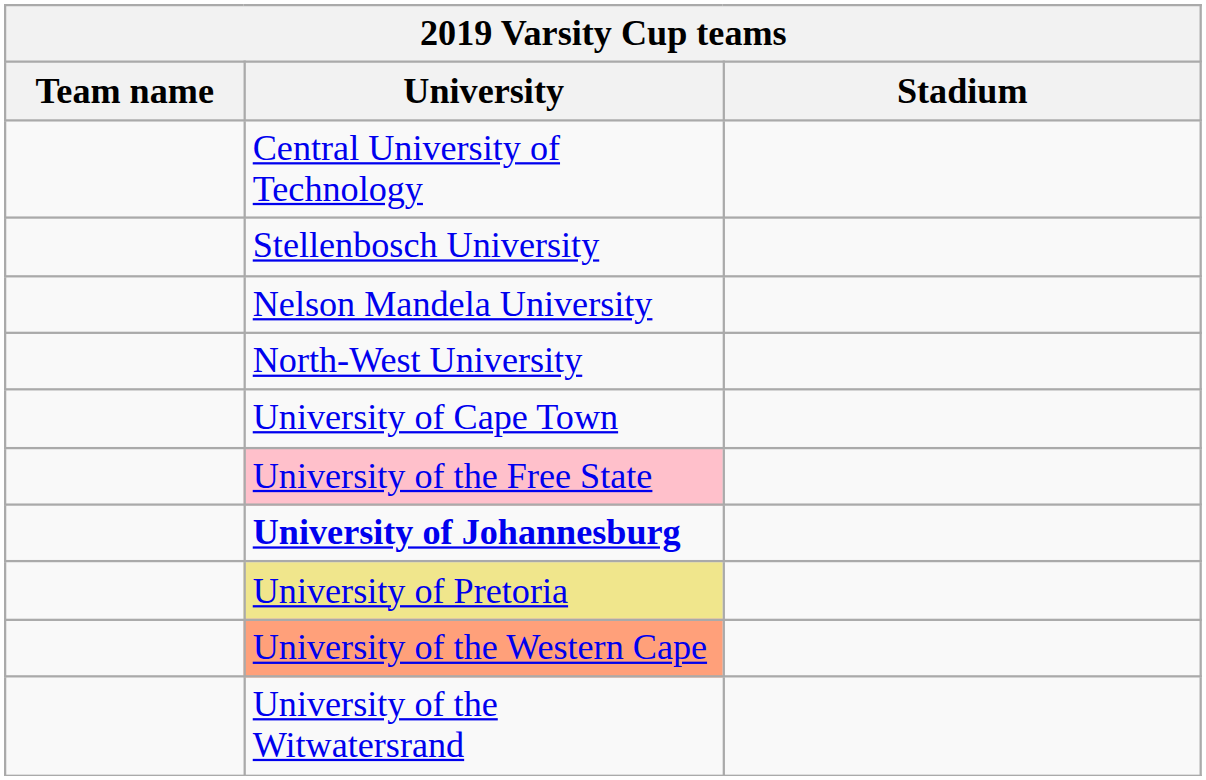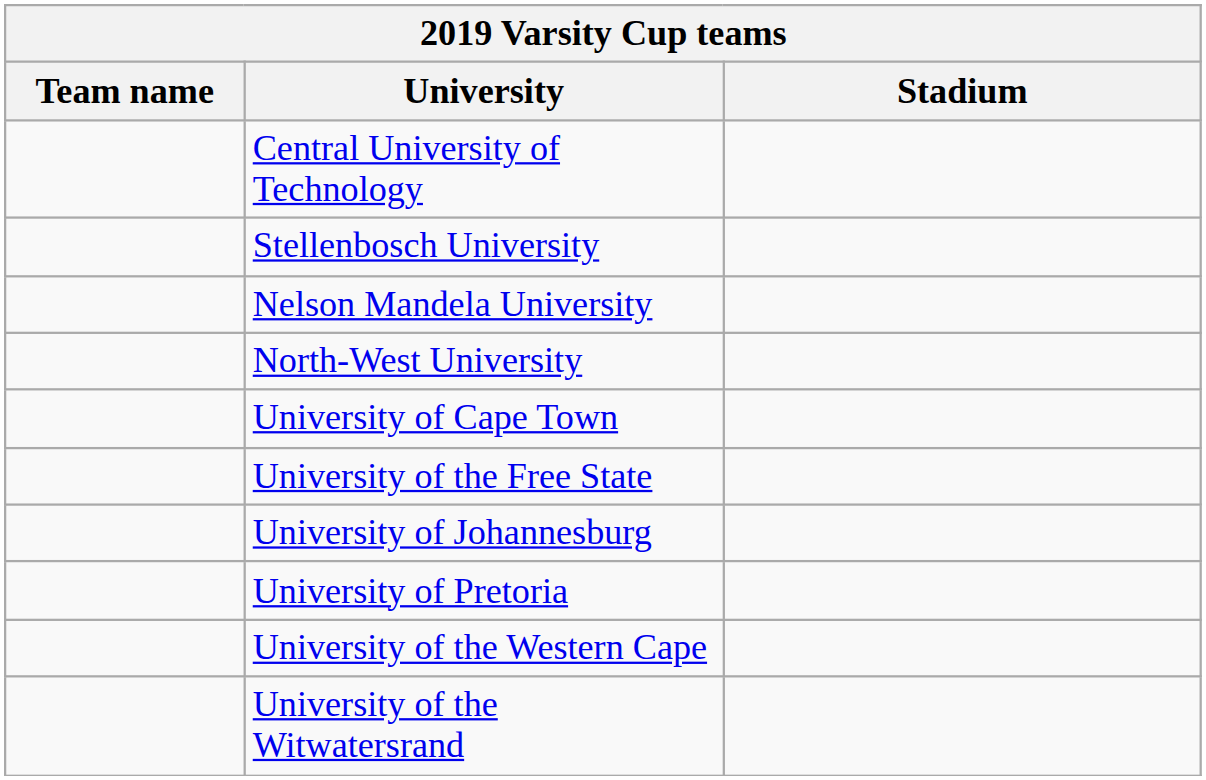 <table class="wikitable collapsible sortable" style="text-align:left; width:60%;">
 <tr>
 <th colspan="100%" align=center>2019 Varsity Cup teams</th>
 </tr>
 <tr>
 <th width="20%">Team name</th>
 <th width="40%">University</th>
 <th width="40%">Stadium</th>
 </tr>
 <tr>
 <td></td>
 <td><a href='#'>Central University of Technology</a></td>
 <td></td>
 </tr>
 <tr>
 <td></td>
 <td><a href='#'>Stellenbosch University</a></td>
 <td></td>
 </tr>
 <tr>
 <td></td>
 <td><a href='#'>Nelson Mandela University</a></td>
 <td></td>
 </tr>
 <tr>
 <td></td>
 <td><a href='#'>North-West University</a></td>
 <td></td>
 </tr>
 <tr>
 <td></td>
 <td><a href='#'>University of Cape Town</a></td>
 <td></td>
 </tr>
 <tr>
 <td></td>
-<td style="background: pink;"><a href='#'>University of the Free State</a></td>
+<td><a href='#'>University of the Free State</a></td>
 <td></td>
 </tr>
 <tr>
 <td></td>
-<td><strong><a href='#'>University of Johannesburg</a></strong></td>
+<td><a href='#'>University of Johannesburg</a></td>
 <td></td>
 </tr>
 <tr>
 <td></td>
-<td style="background: khaki;"><a href='#'>University of Pretoria</a></td>
+<td><a href='#'>University of Pretoria</a></td>
 <td></td>
 </tr>
 <tr>
 <td></td>
-<td style="background: lightsalmon;"><a href='#'>University of the Western Cape</a></td>
+<td><a href='#'>University of the Western Cape</a></td>
 <td></td>
 </tr>
 <tr>
 <td></td>
 <td><a href='#'>University of the Witwatersrand</a></td>
 <td></td>
 </tr>
 </table>
